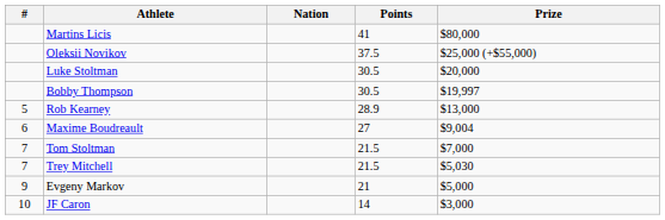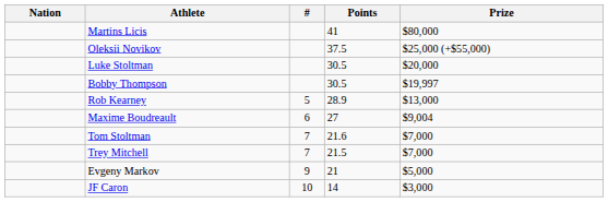 <table class="wikitable" style="display: inline-table;width: 55%;">
 <tr>
+<th scope="col">Nation</th>
+<th scope="col">Athlete</th>
 <th scope="col">#</th>
-<th scope="col">Athlete</th>
-<th scope="col">Nation</th>
 <th scope="col">Points</th>
 <th scope="col">Prize</th>
 </tr>
 <tr 30>
+<td></td>
+<td><a href='#'>Martins Licis</a></td>
 <td align="center"></td>
-<td><a href='#'>Martins Licis</a></td>
-<td></td>
 <td>41</td>
 <td>$80,000</td>
 </tr>
 <tr>
+<td></td>
+<td><a href='#'>Oleksii Novikov</a></td>
 <td align="center"></td>
-<td><a href='#'>Oleksii Novikov</a></td>
-<td></td>
 <td>37.5</td>
 <td>$25,000 (+$55,000)</td>
 </tr>
 <tr>
+<td></td>
+<td><a href='#'>Luke Stoltman</a></td>
 <td align="center"></td>
-<td><a href='#'>Luke Stoltman</a></td>
-<td></td>
 <td>30.5</td>
 <td>$20,000</td>
 </tr>
 <tr>
+<td></td>
+<td><a href='#'>Bobby Thompson</a></td>
 <td align="center"></td>
-<td><a href='#'>Bobby Thompson</a></td>
-<td></td>
 <td>30.5</td>
 <td>$19,997</td>
 </tr>
 <tr>
+<td></td>
+<td><a href='#'>Rob Kearney</a></td>
 <td align="center">5</td>
-<td><a href='#'>Rob Kearney</a></td>
-<td></td>
 <td>28.9</td>
 <td>$13,000</td>
 </tr>
 <tr>
+<td></td>
+<td><a href='#'>Maxime Boudreault</a></td>
 <td align="center">6</td>
-<td><a href='#'>Maxime Boudreault</a></td>
-<td></td>
 <td>27</td>
 <td>$9,004</td>
 </tr>
 <tr>
+<td></td>
+<td><a href='#'>Tom Stoltman</a></td>
 <td align="center">7</td>
-<td><a href='#'>Tom Stoltman</a></td>
+<td>21.6</td>
+<td>$7,000</td>
+</tr>
+<tr>
 <td></td>
+<td><a href='#'>Trey Mitchell</a></td>
+<td align="center">7</td>
 <td>21.5</td>
 <td>$7,000</td>
 </tr>
 <tr>
-<td align="center">7</td>
-<td><a href='#'>Trey Mitchell</a></td>
 <td></td>
-<td>21.5</td>
-<td>$5,030</td>
-</tr>
-<tr>
+<td>Evgeny Markov</td>
 <td align="center">9</td>
-<td>Evgeny Markov</td>
-<td></td>
 <td>21</td>
 <td>$5,000</td>
 </tr>
 <tr>
+<td></td>
+<td><a href='#'>JF Caron</a></td>
 <td align="center">10</td>
-<td><a href='#'>JF Caron</a></td>
-<td></td>
 <td>14</td>
 <td>$3,000</td>
 </tr>
 </table>
